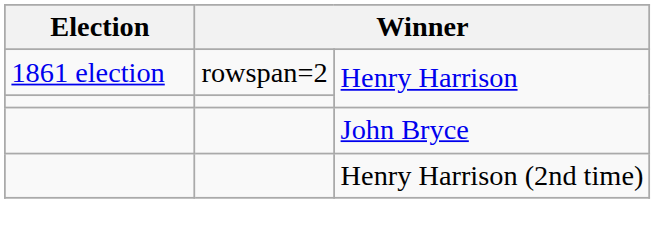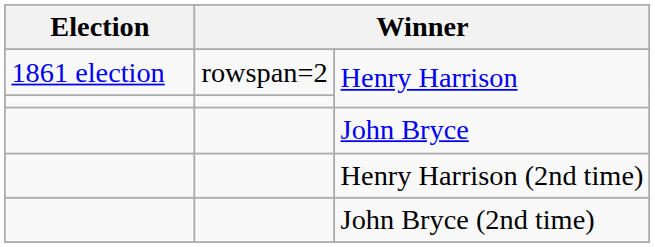 <table class=wikitable>
 <tr>
 <th width=100>Election</th>
 <th width=175 colspan=2>Winner</th>
 </tr>
 <tr>
 <td><a href='#'>1861 election</a></td>
 <td>rowspan=2 </td>
 <td rowspan=2><a href='#'>Henry Harrison</a></td>
 </tr>
 <tr>
 <td></td>
 </tr>
 <tr>
 <td></td>
 <td></td>
 <td><a href='#'>John Bryce</a></td>
 </tr>
 <tr>
 <td></td>
 <td></td>
 <td>Henry Harrison (2nd time)</td>
 </tr>
+<tr>
+<td></td>
+<td></td>
+<td>John Bryce (2nd time)</td>
+</tr>
 </table>
